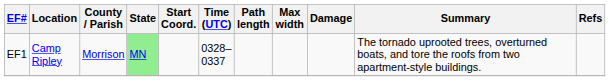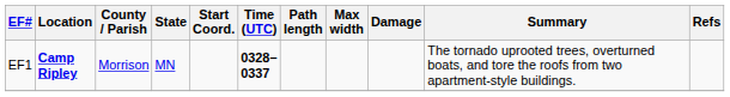 <table class="wikitable sortable" style="width:100%;">
 <tr>
 <th scope="col"  style="width:3%; text-align:center;"><a href='#'>EF#</a></th>
 <th scope="col"  style="width:7%; text-align:center;" class="unsortable">Location</th>
 <th scope="col"  style="width:6%; text-align:center;" class="unsortable">County / Parish</th>
 <th scope="col"  style="width:5%; text-align:center;">State</th>
 <th scope="col"  style="width:6%; text-align:center;">Start Coord.</th>
 <th scope="col"  style="width:6%; text-align:center;">Time (<a href='#'>UTC</a>)</th>
 <th scope="col"  style="width:6%; text-align:center;">Path length</th>
 <th scope="col"  style="width:6%; text-align:center;">Max width</th>
 <th scope="col"  style="width:6%; text-align:center;">Damage</th>
 <th scope="col" class="unsortable" style="width:48%; text-align:center;">Summary</th>
 <th scope="col" class="unsortable" style="width:48%; text-align:center;">Refs</th>
 </tr>
 <tr>
 <td>EF1</td>
-<td><a href='#'>Camp Ripley</a></td>
+<td><strong><a href='#'>Camp Ripley</a></strong></td>
 <td><a href='#'>Morrison</a></td>
-<td style="background: lightgreen;"><a href='#'>MN</a></td>
+<td><a href='#'>MN</a></td>
 <td></td>
-<td>0328–0337</td>
+<td><strong>0328–0337</strong></td>
 <td></td>
 <td></td>
 <td></td>
 <td>The tornado uprooted trees, overturned boats, and tore the roofs from two apartment-style buildings.</td>
 <td></td>
 </tr>
 <tr>
 </tr>
 </table>
